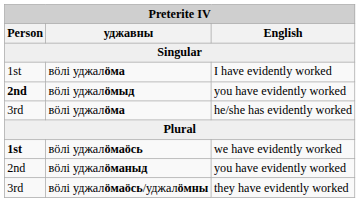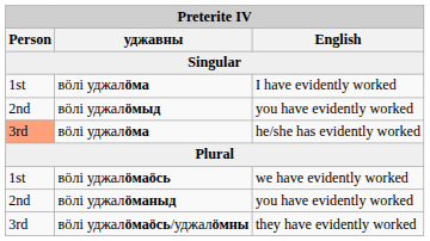 <table class="wikitable">
 <tr>
 <th colspan="5" style="background:#cfcfcf;">Preterite IV</th>
 </tr>
 <tr style="background:#dfdfdf;" |>
 <th>Person</th>
 <th>уджавны</th>
 <th>English</th>
 </tr>
 <tr>
 <th colspan="5" style="background:#efefef">Singular</th>
 </tr>
 <tr>
 <td>1st</td>
 <td>вӧлі уджал<strong>ӧма</strong></td>
 <td>I have evidently worked</td>
 </tr>
 <tr>
-<td><strong>2nd</strong></td>
+<td>2nd</td>
 <td>вӧлі уджал<strong>ӧмыд</strong></td>
 <td>you have evidently worked</td>
 </tr>
 <tr>
-<td>3rd</td>
+<td style="background: lightsalmon;">3rd</td>
 <td>вӧлі уджал<strong>ӧма</strong></td>
 <td>he/she has evidently worked</td>
 </tr>
 <tr>
 <th colspan="5" style="background:#efefef">Plural</th>
 </tr>
 <tr>
-<td><strong>1st</strong></td>
+<td>1st</td>
 <td>вӧлі уджал<strong>ӧмаӧсь</strong></td>
 <td>we have evidently worked</td>
 </tr>
 <tr>
 <td>2nd</td>
 <td>вӧлі уджал<strong>ӧманыд</strong></td>
 <td>you have evidently worked</td>
 </tr>
 <tr>
 <td>3rd</td>
 <td>вӧлі уджал<strong>ӧмаӧсь</strong>/уджал<strong>ӧмны</strong></td>
 <td>they have evidently worked</td>
 </tr>
 </table>
